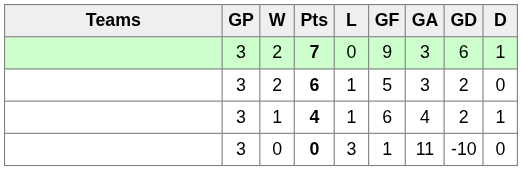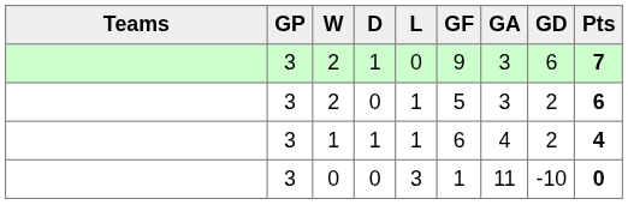 <table style=border-collapse:collapse border=1 cellspacing=0 cellpadding=5>
 <tr align=center bgcolor=#efefef>
 <th width=185>Teams</th>
 <th width=20>GP</th>
 <th width=20>W</th>
-<th width=20>Pts<br></th>
+<th width=20>D</th>
 <th width=20>L</th>
 <th width=20>GF</th>
 <th width=20>GA</th>
 <th width=20>GD</th>
-<th width=20>D</th>
+<th width=20>Pts<br></th>
 </tr>
 <tr align=center style="background:#ccffcc;">
 <td style="text-align:left;"></td>
 <td>3</td>
 <td>2</td>
-<td><strong>7</strong></td>
+<td>1</td>
 <td>0</td>
 <td>9</td>
 <td>3</td>
 <td>6</td>
-<td>1</td>
+<td><strong>7</strong></td>
 </tr>
 <tr align=center>
 <td style="text-align:left;"></td>
 <td>3</td>
 <td>2</td>
-<td><strong>6</strong></td>
+<td>0</td>
 <td>1</td>
 <td>5</td>
 <td>3</td>
 <td>2</td>
-<td>0</td>
+<td><strong>6</strong></td>
 </tr>
 <tr align=center>
 <td style="text-align:left;"></td>
 <td>3</td>
 <td>1</td>
-<td><strong>4</strong></td>
+<td>1</td>
 <td>1</td>
 <td>6</td>
 <td>4</td>
 <td>2</td>
-<td>1</td>
+<td><strong>4</strong></td>
 </tr>
 <tr align=center>
 <td style="text-align:left;"></td>
 <td>3</td>
 <td>0</td>
-<td><strong>0</strong></td>
+<td>0</td>
 <td>3</td>
 <td>1</td>
 <td>11</td>
 <td>-10</td>
-<td>0</td>
+<td><strong>0</strong></td>
 </tr>
 </table>
